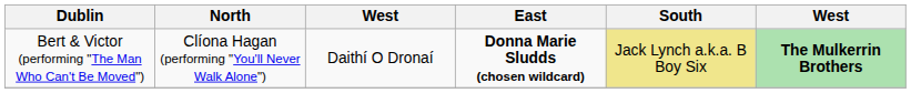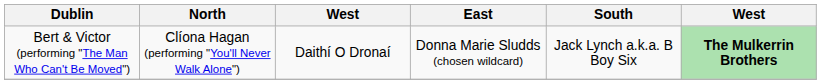 <table class="wikitable">
 <tr>
 <th width="150" rowspan="1">Dublin</th>
 <th width="150" rowspan="1">North</th>
 <th width="150" rowspan="1">West</th>
 <th width="150" rowspan="1">East</th>
 <th width="150" rowspan="1">South</th>
 <th width="150" rowspan="1">West</th>
 </tr>
 <tr>
 <td align="center">Bert & Victor <br> <small>(performing "<a href='#'>The Man Who Can't Be Moved</a>")</small></td>
 <td align="center">Clíona Hagan <br> <small>(performing "<a href='#'>You'll Never Walk Alone</a>")</small></td>
 <td align="center">Daithí O Dronaí</td>
-<td align="center"><strong>Donna Marie Sludds <br> <small>(chosen wildcard)</small></strong></td>
-<td align="center" style="background: khaki;">Jack Lynch a.k.a. B Boy Six</td>
+<td align="center">Donna Marie Sludds <br> <small>(chosen wildcard)</small></td>
+<td align="center">Jack Lynch a.k.a. B Boy Six</td>
 <td style="background:#ACE1AF;" align="center"><strong>The Mulkerrin Brothers</strong></td>
 </tr>
 <tr>
 </tr>
 </table>
